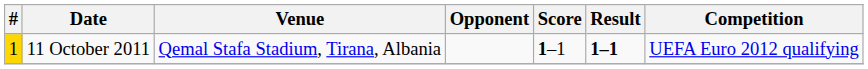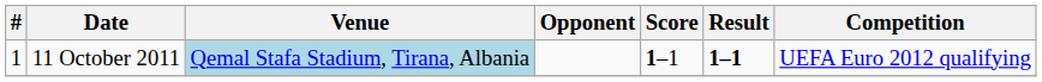 <table class="wikitable sortable" style="font-size:100%">
 <tr>
 <th>#</th>
 <th>Date</th>
 <th>Venue</th>
 <th>Opponent</th>
 <th>Score</th>
 <th>Result</th>
 <th>Competition</th>
 </tr>
 <tr>
-<td style="background: gold;">1</td>
+<td>1</td>
 <td>11 October 2011</td>
-<td><a href='#'>Qemal Stafa Stadium</a>, <a href='#'>Tirana</a>, Albania</td>
+<td style="background: lightblue;"><a href='#'>Qemal Stafa Stadium</a>, <a href='#'>Tirana</a>, Albania</td>
 <td></td>
 <td><strong>1</strong>–1</td>
 <td><strong>1–1</strong></td>
 <td><a href='#'>UEFA Euro 2012 qualifying</a></td>
 </tr>
 <tr>
 </tr>
 </table>
